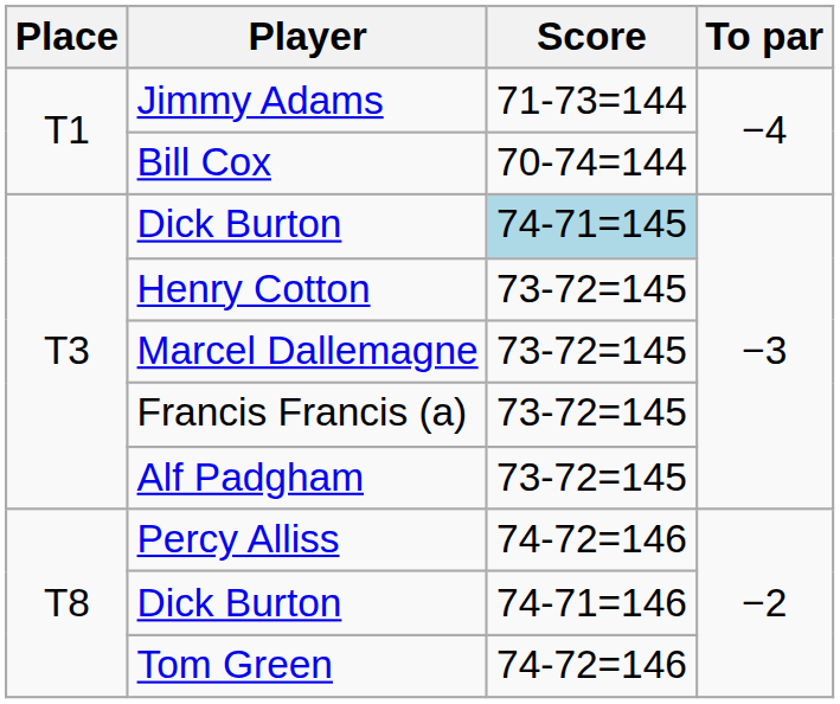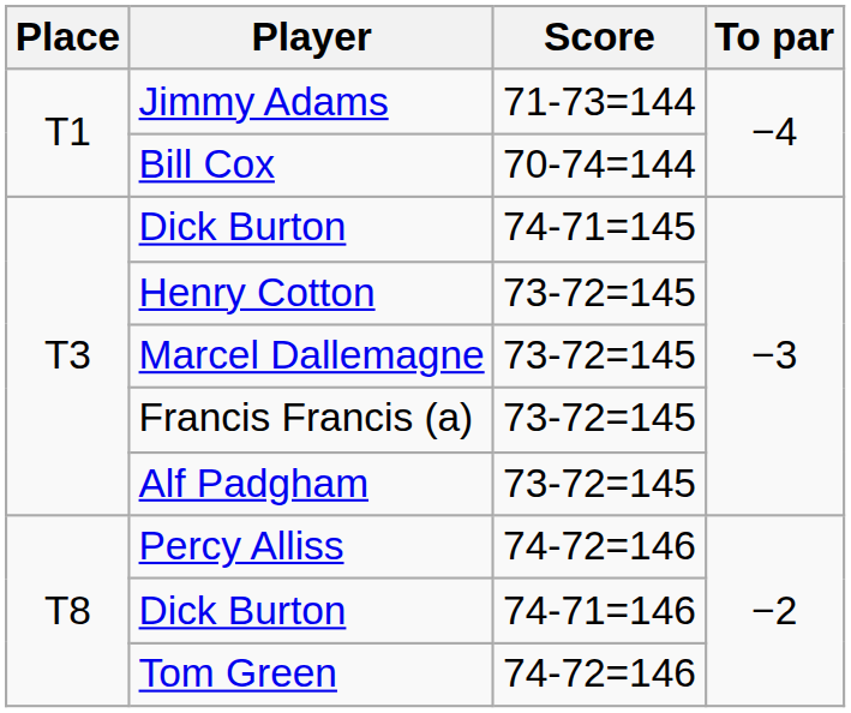 <table class=wikitable>
 <tr>
 <th>Place</th>
 <th>Player</th>
 <th>Score</th>
 <th>To par</th>
 </tr>
 <tr>
 <td rowspan=2 align=center>T1</td>
 <td> <a href='#'>Jimmy Adams</a></td>
 <td>71-73=144</td>
 <td rowspan=2 align=center>−4</td>
 </tr>
 <tr>
 <td> <a href='#'>Bill Cox</a></td>
 <td>70-74=144</td>
 </tr>
 <tr>
 <td rowspan=5 align=center>T3</td>
 <td> <a href='#'>Dick Burton</a></td>
-<td style="background: lightblue;">74-71=145</td>
+<td>74-71=145</td>
 <td rowspan=5 align=center>−3</td>
 </tr>
 <tr>
 <td> <a href='#'>Henry Cotton</a></td>
 <td>73-72=145</td>
 </tr>
 <tr>
 <td> <a href='#'>Marcel Dallemagne</a></td>
 <td>73-72=145</td>
 </tr>
 <tr>
 <td> Francis Francis (a)</td>
 <td>73-72=145</td>
 </tr>
 <tr>
 <td> <a href='#'>Alf Padgham</a></td>
 <td>73-72=145</td>
 </tr>
 <tr>
 <td rowspan=3 align=center>T8</td>
 <td> <a href='#'>Percy Alliss</a></td>
 <td>74-72=146</td>
 <td rowspan=3 align=center>−2</td>
 </tr>
 <tr>
 <td> <a href='#'>Dick Burton</a></td>
 <td>74-71=146</td>
 </tr>
 <tr>
 <td> <a href='#'>Tom Green</a></td>
 <td>74-72=146</td>
 </tr>
 </table>
